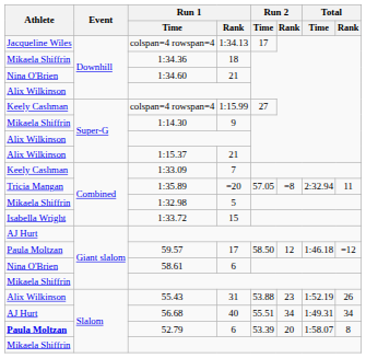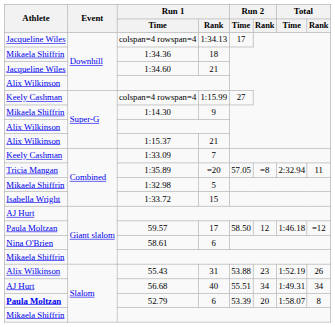 <table class=wikitable style=font-size:90%;text-align:center>
 <tr>
 <th rowspan=2>Athlete</th>
 <th rowspan=2>Event</th>
 <th colspan=2>Run 1</th>
 <th colspan=2>Run 2</th>
 <th colspan=2>Total</th>
 </tr>
 <tr style=font-size:95%>
 <th>Time</th>
 <th>Rank</th>
 <th>Time</th>
 <th>Rank</th>
 <th>Time</th>
 <th>Rank</th>
 </tr>
 <tr>
 <td align=left><a href='#'>Jacqueline Wiles</a></td>
 <td align=left rowspan=4><a href='#'>Downhill</a></td>
 <td>colspan=4 rowspan=4 </td>
 <td>1:34.13</td>
 <td>17</td>
 </tr>
 <tr>
 <td align=left><a href='#'>Mikaela Shiffrin</a></td>
 <td>1:34.36</td>
 <td>18</td>
 </tr>
 <tr>
-<td align=left><a href='#'>Nina O'Brien</a></td>
+<td align=left><a href='#'>Jacqueline Wiles</a></td>
 <td>1:34.60</td>
 <td>21</td>
 </tr>
 <tr>
 <td align=left><a href='#'>Alix Wilkinson</a></td>
 <td colspan=2></td>
 </tr>
 <tr>
 <td align=left><a href='#'>Keely Cashman</a></td>
 <td align=left rowspan=4><a href='#'>Super-G</a></td>
 <td>colspan=4 rowspan=4 </td>
 <td>1:15.99</td>
 <td>27</td>
 </tr>
 <tr>
 <td align=left><a href='#'>Mikaela Shiffrin</a></td>
 <td>1:14.30</td>
 <td>9</td>
 </tr>
 <tr>
 <td align=left><a href='#'>Alix Wilkinson</a></td>
 <td colspan=2></td>
 </tr>
 <tr>
 <td align=left><a href='#'>Alix Wilkinson</a></td>
 <td>1:15.37</td>
 <td>21</td>
 </tr>
 <tr>
 <td align=left><a href='#'>Keely Cashman</a></td>
 <td align=left rowspan=4><a href='#'>Combined</a></td>
 <td>1:33.09</td>
 <td>7</td>
 <td colspan=4></td>
 </tr>
 <tr>
 <td align=left><a href='#'>Tricia Mangan</a></td>
 <td>1:35.89</td>
 <td>=20</td>
 <td>57.05</td>
 <td>=8</td>
 <td>2:32.94</td>
 <td>11</td>
 </tr>
 <tr>
 <td align=left><a href='#'>Mikaela Shiffrin</a></td>
 <td>1:32.98</td>
 <td>5</td>
 <td colspan=4></td>
 </tr>
 <tr>
 <td align=left><a href='#'>Isabella Wright</a></td>
 <td>1:33.72</td>
 <td>15</td>
 <td colspan=4></td>
 </tr>
 <tr>
 <td align=left><a href='#'>AJ Hurt</a></td>
 <td align=left rowspan=4><a href='#'>Giant slalom</a></td>
 <td colspan=6></td>
 </tr>
 <tr>
 <td align=left><a href='#'>Paula Moltzan</a></td>
 <td>59.57</td>
 <td>17</td>
 <td>58.50</td>
 <td>12</td>
 <td>1:46.18</td>
 <td>=12</td>
 </tr>
 <tr>
 <td align=left><a href='#'>Nina O'Brien</a></td>
 <td>58.61</td>
 <td>6</td>
 <td colspan=4></td>
 </tr>
 <tr>
 <td align=left><a href='#'>Mikaela Shiffrin</a></td>
 <td colspan=6></td>
 </tr>
 <tr>
 <td align=left><a href='#'>Alix Wilkinson</a></td>
 <td align=left rowspan=4><a href='#'>Slalom</a></td>
 <td>55.43</td>
 <td>31</td>
 <td>53.88</td>
 <td>23</td>
 <td>1:52.19</td>
 <td>26</td>
 </tr>
 <tr>
 <td align=left><a href='#'>AJ Hurt</a></td>
 <td>56.68</td>
 <td>40</td>
 <td>55.51</td>
 <td>34</td>
 <td>1:49.31</td>
 <td>34</td>
 </tr>
 <tr>
 <td align=left><strong><a href='#'>Paula Moltzan</a></strong></td>
 <td>52.79</td>
 <td>6</td>
 <td>53.39</td>
 <td>20</td>
 <td>1:58.07</td>
 <td>8</td>
 </tr>
 <tr>
 <td align=left><a href='#'>Mikaela Shiffrin</a></td>
 <td colspan=6></td>
 </tr>
 </table>
